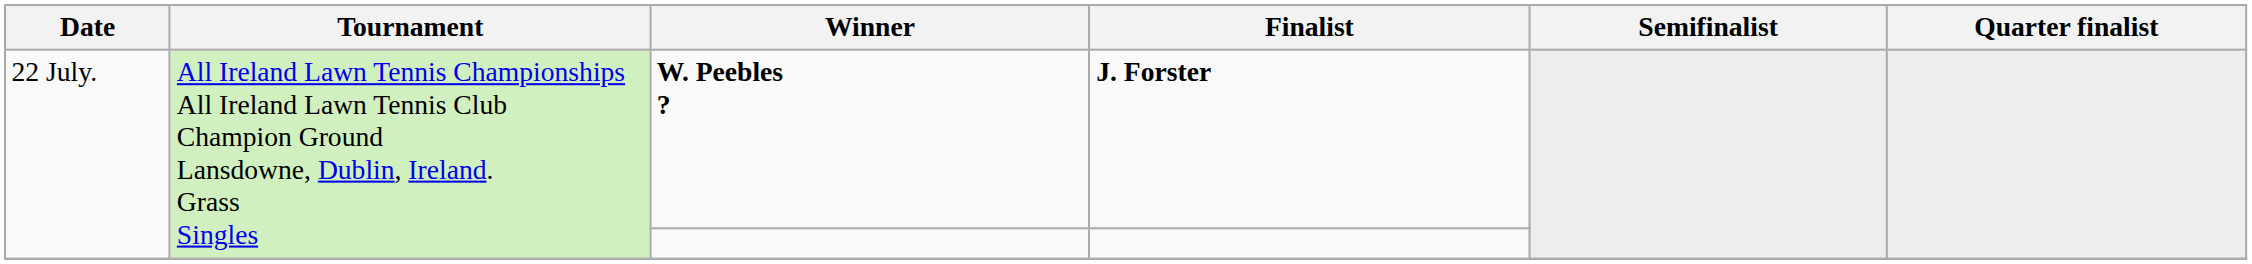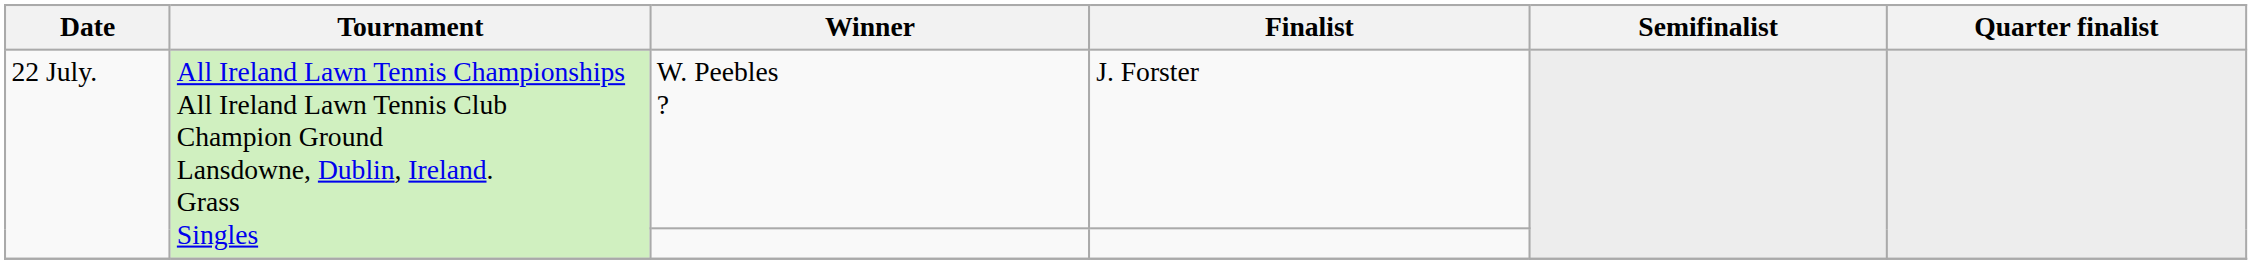 <table class="wikitable" style="font-size:85%;">
 <tr>
 <th width="75">Date</th>
 <th width="230">Tournament</th>
 <th width="210">Winner</th>
 <th width="210">Finalist</th>
 <th width="170">Semifinalist</th>
 <th width="170">Quarter finalist</th>
 </tr>
 <tr valign=top>
 <td rowspan=2>22 July.</td>
 <td style="background:#d0f0c0" rowspan="2"><a href='#'>All Ireland Lawn Tennis Championships</a><br>All Ireland Lawn Tennis Club<br>Champion Ground<br>Lansdowne, <a href='#'>Dublin</a>, <a href='#'>Ireland</a>.<br>Grass<br><a href='#'>Singles</a></td>
-<td><strong>  W. Peebles<br> ?</strong></td>
-<td><strong>  J. Forster</strong></td>
+<td>  W. Peebles<br> ?</td>
+<td>  J. Forster</td>
 <td style="background:#ededed;" rowspan=2></td>
 <td style="background:#ededed;" rowspan=2></td>
 </tr>
 <tr valign=top>
 <td></td>
 <td></td>
 </tr>
 <tr valign=top>
 </tr>
 </table>
